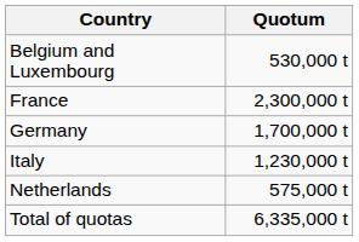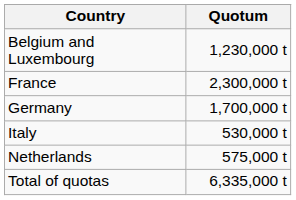 <table class="wikitable" style=text-align:right>
 <tr>
 </tr>
 <tr>
 <th width="180">Country</th>
 <th width="100">Quotum</th>
 </tr>
 <tr>
 <td style="text-align:left">Belgium and Luxembourg</td>
-<td>530,000 t</td>
+<td>1,230,000 t</td>
 </tr>
 <tr>
 <td style="text-align:left">France</td>
 <td>2,300,000 t</td>
 </tr>
 <tr>
 <td style="text-align:left">Germany</td>
 <td>1,700,000 t</td>
 </tr>
 <tr>
 <td style="text-align:left">Italy</td>
-<td>1,230,000 t</td>
+<td>530,000 t</td>
 </tr>
 <tr>
 <td style="text-align:left">Netherlands</td>
 <td>575,000 t</td>
 </tr>
 <tr>
 <td style="text-align:left">Total of quotas</td>
 <td>6,335,000 t</td>
 </tr>
 </table>
